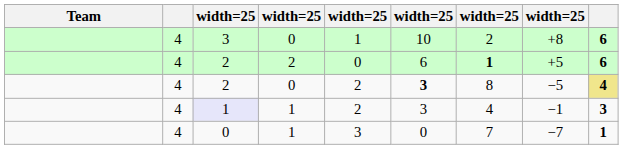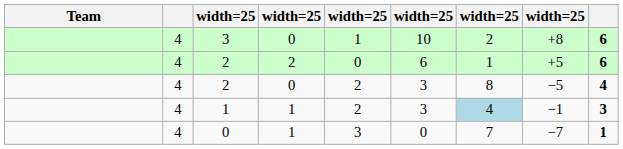 <table class="wikitable" style="text-align: center;">
 <tr>
 <th style="width:165px;">Team</th>
 <th width=25></th>
 <th>width=25</th>
 <th>width=25</th>
 <th>width=25</th>
 <th>width=25</th>
 <th>width=25</th>
 <th>width=25</th>
 <th width=25></th>
 </tr>
 <tr style="background:#cfc;">
 <td align="left"></td>
 <td>4</td>
 <td>3</td>
 <td>0</td>
 <td>1</td>
 <td>10</td>
 <td>2</td>
 <td>+8</td>
 <td><strong>6</strong></td>
 </tr>
 <tr style="background:#cfc;">
 <td align="left"></td>
 <td>4</td>
 <td>2</td>
 <td>2</td>
 <td>0</td>
 <td>6</td>
-<td><strong>1</strong></td>
+<td>1</td>
 <td>+5</td>
 <td><strong>6</strong></td>
 </tr>
 <tr>
 <td align="left"></td>
 <td>4</td>
 <td>2</td>
 <td>0</td>
 <td>2</td>
-<td><strong>3</strong></td>
+<td>3</td>
 <td>8</td>
 <td>−5</td>
-<td style="background: khaki;"><strong>4</strong></td>
+<td><strong>4</strong></td>
 </tr>
 <tr>
 <td align="left"></td>
 <td>4</td>
-<td style="background: lavender;">1</td>
+<td>1</td>
 <td>1</td>
 <td>2</td>
 <td>3</td>
-<td>4</td>
+<td style="background: lightblue;">4</td>
 <td>−1</td>
 <td><strong>3</strong></td>
 </tr>
 <tr>
 <td align="left"></td>
 <td>4</td>
 <td>0</td>
 <td>1</td>
 <td>3</td>
 <td>0</td>
 <td>7</td>
 <td>−7</td>
 <td><strong>1</strong></td>
 </tr>
 </table>
